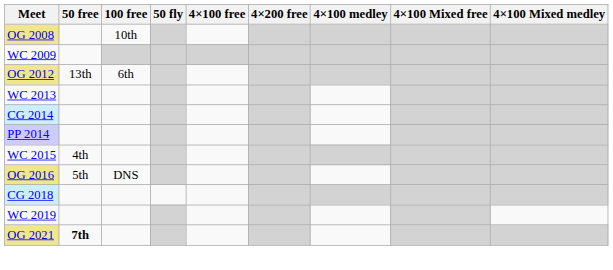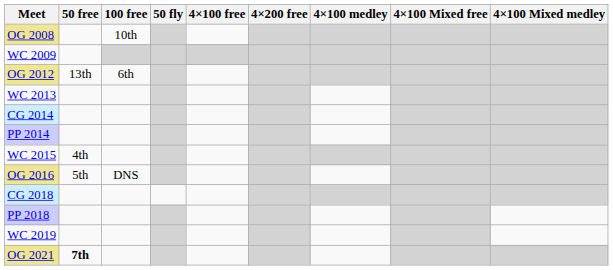 <table class="sortable wikitable">
 <tr>
 <th>Meet</th>
 <th class="unsortable">50 free</th>
 <th class="unsortable">100 free</th>
 <th class="unsortable">50 fly</th>
 <th class="unsortable">4×100 free</th>
 <th class="unsortable">4×200 free</th>
 <th class="unsortable">4×100 medley</th>
 <th class="unsortable">4×100 Mixed free</th>
 <th class="unsortable">4×100 Mixed medley</th>
 </tr>
 <tr>
 <td style="background:#f0e68c"><a href='#'>OG 2008</a></td>
 <td align="center"></td>
 <td align="center">10th</td>
 <td style="background:#d3d3d3"></td>
 <td align="center"></td>
 <td style="background:#d3d3d3"></td>
 <td style="background:#d3d3d3"></td>
 <td style="background:#d3d3d3"></td>
 <td style="background:#d3d3d3"></td>
 </tr>
 <tr>
 <td><a href='#'>WC 2009</a></td>
 <td align="center"></td>
 <td style="background:#d3d3d3"></td>
 <td style="background:#d3d3d3"></td>
 <td style="background:#d3d3d3"></td>
 <td style="background:#d3d3d3"></td>
 <td style="background:#d3d3d3"></td>
 <td style="background:#d3d3d3"></td>
 <td style="background:#d3d3d3"></td>
 </tr>
 <tr>
 <td style="background:#f0e68c"><a href='#'>OG 2012</a></td>
 <td align="center">13th</td>
 <td align="center">6th</td>
 <td style="background:#d3d3d3"></td>
 <td align="center"></td>
 <td style="background:#d3d3d3"></td>
 <td style="background:#d3d3d3"></td>
 <td style="background:#d3d3d3"></td>
 <td style="background:#d3d3d3"></td>
 </tr>
 <tr>
 <td><a href='#'>WC 2013</a></td>
 <td align="center"></td>
 <td align="center"></td>
 <td style="background:#d3d3d3"></td>
 <td align="center"></td>
 <td style="background:#d3d3d3"></td>
 <td align="center"></td>
 <td style="background:#d3d3d3"></td>
 <td style="background:#d3d3d3"></td>
 </tr>
 <tr>
 <td style="background:#cceeff"><a href='#'>CG 2014</a></td>
 <td align="center"></td>
 <td align="center"></td>
 <td style="background:#d3d3d3"></td>
 <td align="center"></td>
 <td style="background:#d3d3d3"></td>
 <td align="center"></td>
 <td style="background:#d3d3d3"></td>
 <td style="background:#d3d3d3"></td>
 </tr>
 <tr>
 <td style="background:#ccccff"><a href='#'>PP 2014</a></td>
 <td align="center"></td>
 <td align="center"></td>
 <td style="background:#d3d3d3"></td>
 <td align="center"></td>
 <td style="background:#d3d3d3"></td>
 <td align="center"></td>
 <td style="background:#d3d3d3"></td>
 <td style="background:#d3d3d3"></td>
 </tr>
 <tr>
 <td><a href='#'>WC 2015</a></td>
 <td align="center">4th</td>
 <td align="center"></td>
 <td style="background:#d3d3d3"></td>
 <td align="center"></td>
 <td style="background:#d3d3d3"></td>
 <td style="background:#d3d3d3"></td>
 <td style="background:#d3d3d3"></td>
 <td style="background:#d3d3d3"></td>
 </tr>
 <tr>
 <td style="background:#f0e68c"><a href='#'>OG 2016</a></td>
 <td align="center">5th</td>
 <td align="center">DNS</td>
 <td style="background:#d3d3d3"></td>
 <td align="center"></td>
 <td style="background:#d3d3d3"></td>
 <td align="center"></td>
 <td style="background:#d3d3d3"></td>
 <td style="background:#d3d3d3"></td>
 </tr>
 <tr>
 <td style="background:#cceeff"><a href='#'>CG 2018</a></td>
 <td align="center"></td>
 <td align="center"></td>
 <td align="center"></td>
 <td align="center"></td>
 <td style="background:#d3d3d3"></td>
 <td style="background:#d3d3d3"></td>
 <td style="background:#d3d3d3"></td>
 <td style="background:#d3d3d3"></td>
 </tr>
 <tr>
+<td style="background:#ccccff"><a href='#'>PP 2018</a></td>
+<td align="center"></td>
+<td align="center"></td>
+<td style="background:#d3d3d3"></td>
+<td align="center"></td>
+<td style="background:#d3d3d3"></td>
+<td align="center"></td>
+<td style="background:#d3d3d3"></td>
+<td align="center"></td>
+</tr>
+<tr>
 <td><a href='#'>WC 2019</a></td>
 <td align="center"></td>
 <td align="center"></td>
 <td style="background:#d3d3d3"></td>
 <td align="center"></td>
 <td style="background:#d3d3d3"></td>
 <td align="center"></td>
 <td style="background:#d3d3d3"></td>
 <td align="center"></td>
 </tr>
 <tr>
 <td style="background:#f0e68c"><a href='#'>OG 2021</a></td>
 <td align="center"><strong>7th</strong></td>
 <td align="center"></td>
 <td style="background:#d3d3d3"></td>
 <td align="center"></td>
 <td style="background:#d3d3d3"></td>
 <td align="center"></td>
 <td style="background:#d3d3d3"></td>
 <td style="background:#d3d3d3"></td>
 </tr>
 </table>
